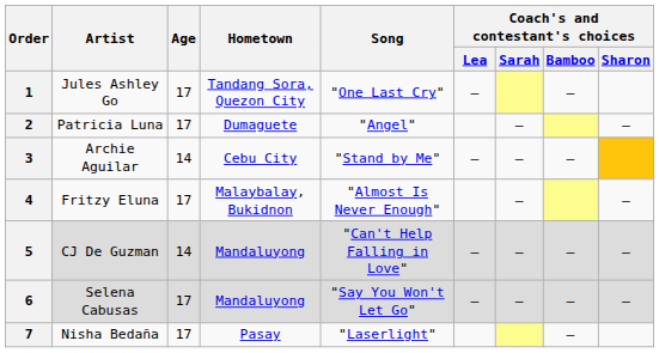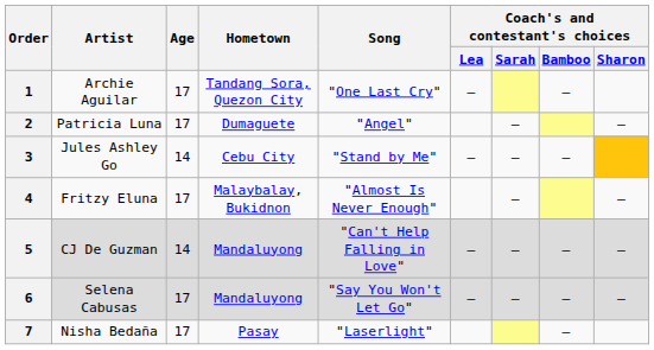 <table class="wikitable" style="text-align:center; line-height:17px; width:100%;">
 <tr>
 <th rowspan="2" scope="col" width="05%">Order</th>
 <th rowspan="2" scope="col" width="20%">Artist</th>
 <th rowspan="2" scope="col" width="05%">Age</th>
 <th rowspan="2" scope="col" width="20%">Hometown</th>
 <th rowspan="2" scope="col" width="22%">Song</th>
 <th colspan="4" scope="col" width="28%">Coach's and contestant's choices</th>
 </tr>
 <tr>
 <th width="07%"><a href='#'>Lea</a></th>
 <th width="07%"><a href='#'>Sarah</a></th>
 <th width="07%"><a href='#'>Bamboo</a></th>
 <th width="07%"><a href='#'>Sharon</a></th>
 </tr>
 <tr>
 <th>1</th>
-<td>Jules Ashley Go</td>
+<td>Archie Aguilar</td>
 <td>17</td>
 <td><a href='#'>Tandang Sora, Quezon City</a></td>
 <td>"<a href='#'>One Last Cry</a>"</td>
 <td>—</td>
 <td style="background:#fdfc8f;"><strong></strong></td>
 <td>—</td>
 <td><strong></strong></td>
 </tr>
 <tr>
 <th>2</th>
 <td>Patricia Luna</td>
 <td>17</td>
 <td><a href='#'>Dumaguete</a></td>
 <td>"<a href='#'>Angel</a>"</td>
 <td><strong></strong></td>
 <td>—</td>
 <td style="background:#fdfc8f;"><strong></strong></td>
 <td>—</td>
 </tr>
 <tr>
 <th>3</th>
-<td>Archie Aguilar</td>
+<td>Jules Ashley Go</td>
 <td>14</td>
 <td><a href='#'>Cebu City</a></td>
 <td>"<a href='#'>Stand by Me</a>"</td>
 <td>—</td>
 <td>—</td>
 <td>—</td>
 <td style="background:#FFC40C;"><strong></strong></td>
 </tr>
 <tr>
 <th>4</th>
 <td>Fritzy Eluna</td>
 <td>17</td>
 <td><a href='#'>Malaybalay</a>, <a href='#'>Bukidnon</a></td>
 <td>"<a href='#'>Almost Is Never Enough</a>"</td>
 <td><strong></strong></td>
 <td>—</td>
 <td style="background:#fdfc8f;"><strong></strong></td>
 <td>—</td>
 </tr>
 <tr>
 <th>5</th>
 <td style="background:#DCDCDC;">CJ De Guzman</td>
 <td style="background:#DCDCDC;">14</td>
 <td style="background:#DCDCDC;"><a href='#'>Mandaluyong</a></td>
 <td style="background:#DCDCDC;">"<a href='#'>Can't Help Falling in Love</a>"</td>
 <td style="background:#DCDCDC;">—</td>
 <td style="background:#DCDCDC;">—</td>
 <td style="background:#DCDCDC;">—</td>
 <td style="background:#DCDCDC;">—</td>
 </tr>
 <tr>
 <th>6</th>
 <td style="background:#DCDCDC;">Selena Cabusas</td>
 <td style="background:#DCDCDC;">17</td>
 <td style="background:#DCDCDC;"><a href='#'>Mandaluyong</a></td>
 <td style="background:#DCDCDC;">"<a href='#'>Say You Won't Let Go</a>"</td>
 <td style="background:#DCDCDC;">—</td>
 <td style="background:#DCDCDC;">—</td>
 <td style="background:#DCDCDC;">—</td>
 <td style="background:#DCDCDC;">—</td>
 </tr>
 <tr>
 <th>7</th>
 <td>Nisha Bedaña</td>
 <td>17</td>
 <td><a href='#'>Pasay</a></td>
 <td>"<a href='#'>Laserlight</a>"</td>
 <td><strong></strong></td>
 <td style="background:#fdfc8f;"><strong></strong></td>
 <td>—</td>
 <td><strong></strong></td>
 </tr>
 </table>
